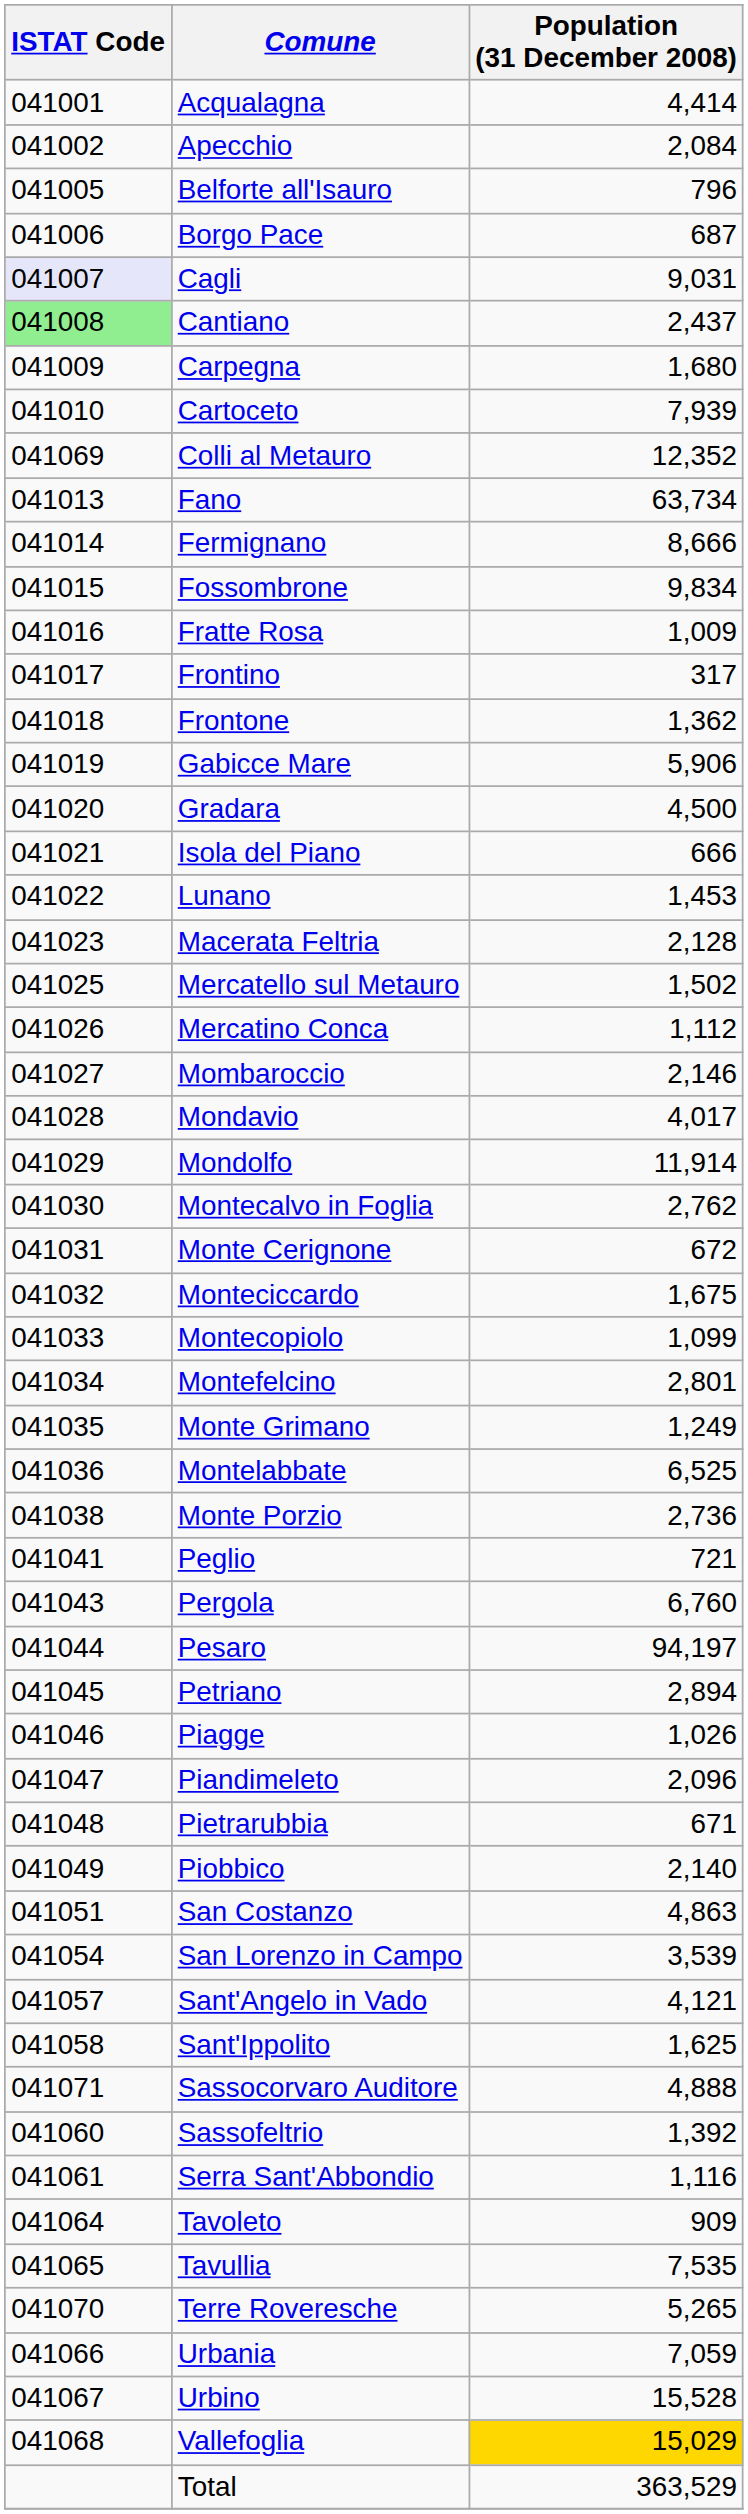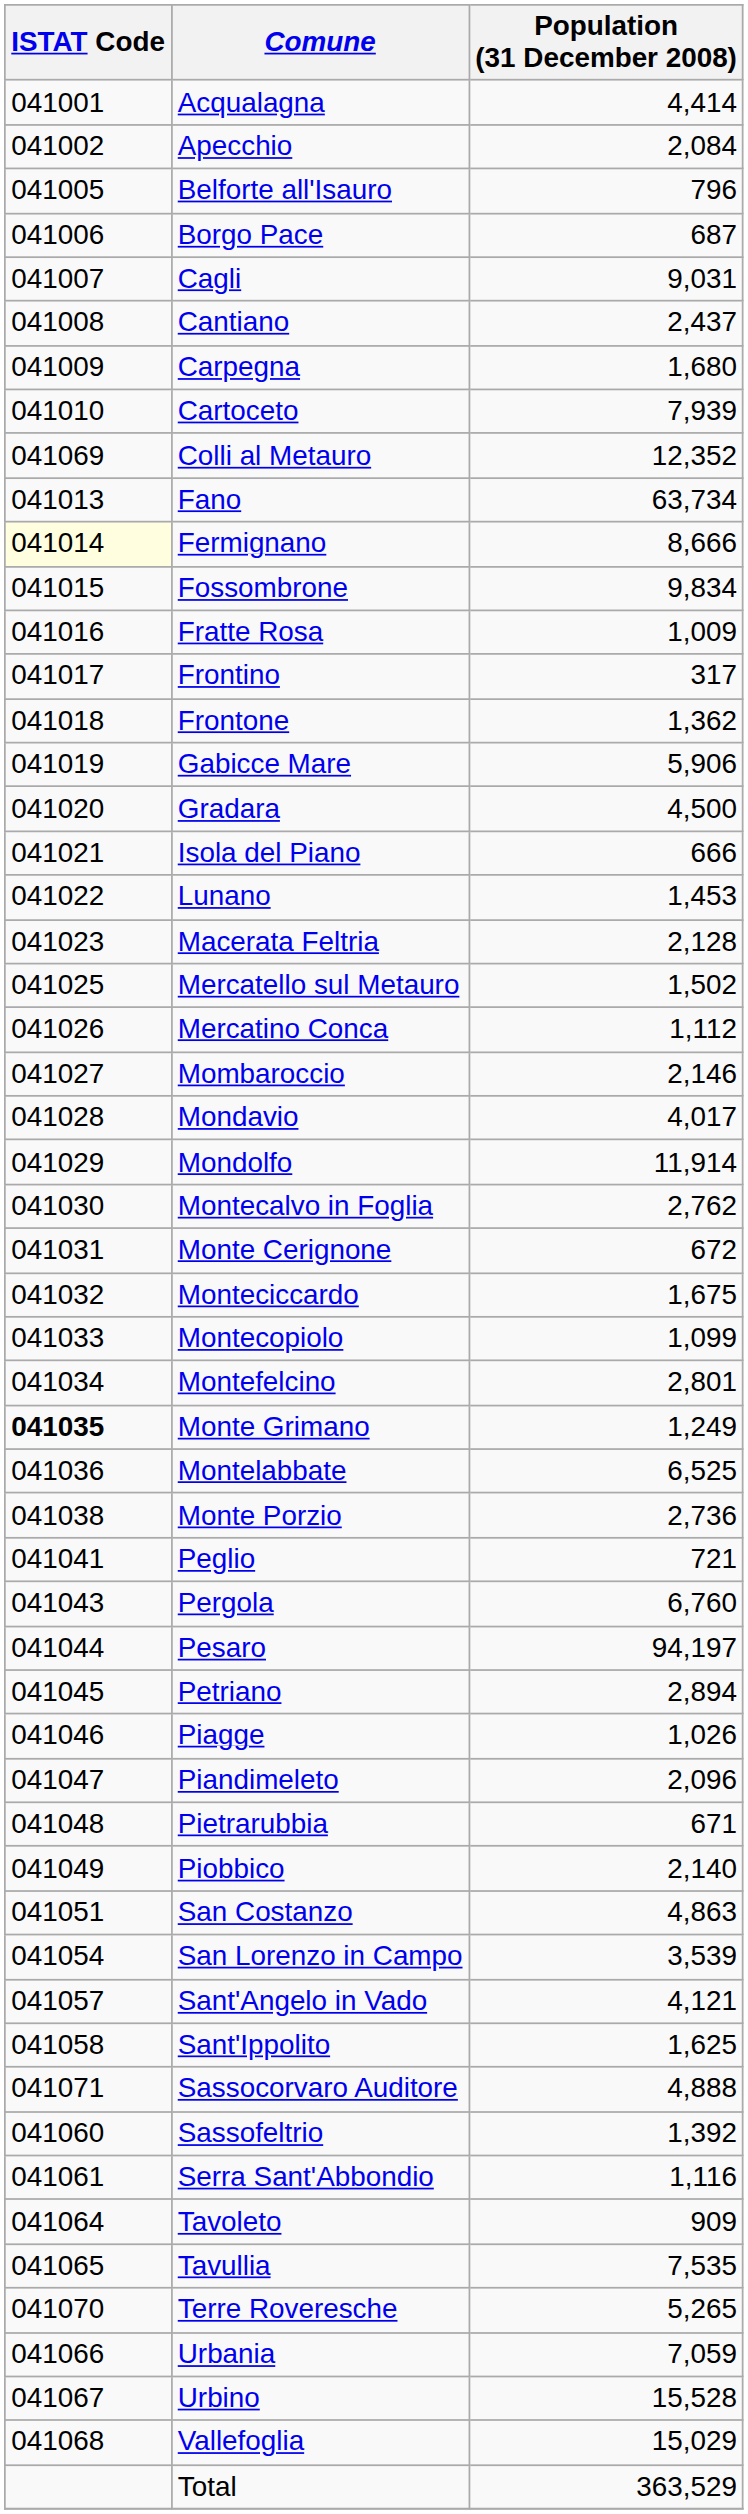 <table class="wikitable sortable">
 <tr>
 <th><a href='#'>ISTAT</a> Code</th>
 <th><em><a href='#'>Comune</a></em></th>
 <th>Population <br>(31 December 2008)</th>
 </tr>
 <tr>
 <td>041001</td>
 <td><a href='#'>Acqualagna</a></td>
 <td align="right">4,414</td>
 </tr>
 <tr>
 <td>041002</td>
 <td><a href='#'>Apecchio</a></td>
 <td align="right">2,084</td>
 </tr>
 <tr>
 <td>041005</td>
 <td><a href='#'>Belforte all'Isauro</a></td>
 <td align="right">796</td>
 </tr>
 <tr>
 <td>041006</td>
 <td><a href='#'>Borgo Pace</a></td>
 <td align="right">687</td>
 </tr>
 <tr>
-<td style="background: lavender;">041007</td>
+<td>041007</td>
 <td><a href='#'>Cagli</a></td>
 <td align="right">9,031</td>
 </tr>
 <tr>
-<td style="background: lightgreen;">041008</td>
+<td>041008</td>
 <td><a href='#'>Cantiano</a></td>
 <td align="right">2,437</td>
 </tr>
 <tr>
 <td>041009</td>
 <td><a href='#'>Carpegna</a></td>
 <td align="right">1,680</td>
 </tr>
 <tr>
 <td>041010</td>
 <td><a href='#'>Cartoceto</a></td>
 <td align="right">7,939</td>
 </tr>
 <tr>
 <td>041069</td>
 <td><a href='#'>Colli al Metauro</a></td>
 <td align="right">12,352</td>
 </tr>
 <tr>
 <td>041013</td>
 <td><a href='#'>Fano</a></td>
 <td align="right">63,734</td>
 </tr>
 <tr>
-<td>041014</td>
+<td style="background: lightyellow;">041014</td>
 <td><a href='#'>Fermignano</a></td>
 <td align="right">8,666</td>
 </tr>
 <tr>
 <td>041015</td>
 <td><a href='#'>Fossombrone</a></td>
 <td align="right">9,834</td>
 </tr>
 <tr>
 <td>041016</td>
 <td><a href='#'>Fratte Rosa</a></td>
 <td align="right">1,009</td>
 </tr>
 <tr>
 <td>041017</td>
 <td><a href='#'>Frontino</a></td>
 <td align="right">317</td>
 </tr>
 <tr>
 <td>041018</td>
 <td><a href='#'>Frontone</a></td>
 <td align="right">1,362</td>
 </tr>
 <tr>
 <td>041019</td>
 <td><a href='#'>Gabicce Mare</a></td>
 <td align="right">5,906</td>
 </tr>
 <tr>
 <td>041020</td>
 <td><a href='#'>Gradara</a></td>
 <td align="right">4,500</td>
 </tr>
 <tr>
 <td>041021</td>
 <td><a href='#'>Isola del Piano</a></td>
 <td align="right">666</td>
 </tr>
 <tr>
 <td>041022</td>
 <td><a href='#'>Lunano</a></td>
 <td align="right">1,453</td>
 </tr>
 <tr>
 <td>041023</td>
 <td><a href='#'>Macerata Feltria</a></td>
 <td align="right">2,128</td>
 </tr>
 <tr>
 <td>041025</td>
 <td><a href='#'>Mercatello sul Metauro</a></td>
 <td align="right">1,502</td>
 </tr>
 <tr>
 <td>041026</td>
 <td><a href='#'>Mercatino Conca</a></td>
 <td align="right">1,112</td>
 </tr>
 <tr>
 <td>041027</td>
 <td><a href='#'>Mombaroccio</a></td>
 <td align="right">2,146</td>
 </tr>
 <tr>
 <td>041028</td>
 <td><a href='#'>Mondavio</a></td>
 <td align="right">4,017</td>
 </tr>
 <tr>
 <td>041029</td>
 <td><a href='#'>Mondolfo</a></td>
 <td align="right">11,914</td>
 </tr>
 <tr>
 <td>041030</td>
 <td><a href='#'>Montecalvo in Foglia</a></td>
 <td align="right">2,762</td>
 </tr>
 <tr>
 <td>041031</td>
 <td><a href='#'>Monte Cerignone</a></td>
 <td align="right">672</td>
 </tr>
 <tr>
 <td>041032</td>
 <td><a href='#'>Monteciccardo</a></td>
 <td align="right">1,675</td>
 </tr>
 <tr>
 <td>041033</td>
 <td><a href='#'>Montecopiolo</a></td>
 <td align="right">1,099</td>
 </tr>
 <tr>
 <td>041034</td>
 <td><a href='#'>Montefelcino</a></td>
 <td align="right">2,801</td>
 </tr>
 <tr>
-<td>041035</td>
+<td><strong>041035</strong></td>
 <td><a href='#'>Monte Grimano</a></td>
 <td align="right">1,249</td>
 </tr>
 <tr>
 <td>041036</td>
 <td><a href='#'>Montelabbate</a></td>
 <td align="right">6,525</td>
 </tr>
 <tr>
 <td>041038</td>
 <td><a href='#'>Monte Porzio</a></td>
 <td align="right">2,736</td>
 </tr>
 <tr>
 <td>041041</td>
 <td><a href='#'>Peglio</a></td>
 <td align="right">721</td>
 </tr>
 <tr>
 <td>041043</td>
 <td><a href='#'>Pergola</a></td>
 <td align="right">6,760</td>
 </tr>
 <tr>
 <td>041044</td>
 <td><a href='#'>Pesaro</a></td>
 <td align="right">94,197</td>
 </tr>
 <tr>
 <td>041045</td>
 <td><a href='#'>Petriano</a></td>
 <td align="right">2,894</td>
 </tr>
 <tr>
 <td>041046</td>
 <td><a href='#'>Piagge</a></td>
 <td align="right">1,026</td>
 </tr>
 <tr>
 <td>041047</td>
 <td><a href='#'>Piandimeleto</a></td>
 <td align="right">2,096</td>
 </tr>
 <tr>
 <td>041048</td>
 <td><a href='#'>Pietrarubbia</a></td>
 <td align="right">671</td>
 </tr>
 <tr>
 <td>041049</td>
 <td><a href='#'>Piobbico</a></td>
 <td align="right">2,140</td>
 </tr>
 <tr>
 <td>041051</td>
 <td><a href='#'>San Costanzo</a></td>
 <td align="right">4,863</td>
 </tr>
 <tr>
 <td>041054</td>
 <td><a href='#'>San Lorenzo in Campo</a></td>
 <td align="right">3,539</td>
 </tr>
 <tr>
 <td>041057</td>
 <td><a href='#'>Sant'Angelo in Vado</a></td>
 <td align="right">4,121</td>
 </tr>
 <tr>
 <td>041058</td>
 <td><a href='#'>Sant'Ippolito</a></td>
 <td align="right">1,625</td>
 </tr>
 <tr>
 <td>041071</td>
 <td><a href='#'>Sassocorvaro Auditore</a></td>
 <td align="right">4,888</td>
 </tr>
 <tr>
 <td>041060</td>
 <td><a href='#'>Sassofeltrio</a></td>
 <td align="right">1,392</td>
 </tr>
 <tr>
 <td>041061</td>
 <td><a href='#'>Serra Sant'Abbondio</a></td>
 <td align="right">1,116</td>
 </tr>
 <tr>
 <td>041064</td>
 <td><a href='#'>Tavoleto</a></td>
 <td align="right">909</td>
 </tr>
 <tr>
 <td>041065</td>
 <td><a href='#'>Tavullia</a></td>
 <td align="right">7,535</td>
 </tr>
 <tr>
 <td>041070</td>
 <td><a href='#'>Terre Roveresche</a></td>
 <td align="right">5,265</td>
 </tr>
 <tr>
 <td>041066</td>
 <td><a href='#'>Urbania</a></td>
 <td align="right">7,059</td>
 </tr>
 <tr>
 <td>041067</td>
 <td><a href='#'>Urbino</a></td>
 <td align="right">15,528</td>
 </tr>
 <tr>
 <td>041068</td>
 <td><a href='#'>Vallefoglia</a></td>
-<td align="right" style="background: gold;">15,029</td>
+<td align="right">15,029</td>
 </tr>
 <tr>
 <td></td>
 <td>Total</td>
 <td align="right">363,529</td>
 </tr>
 <tr>
 </tr>
 </table>
